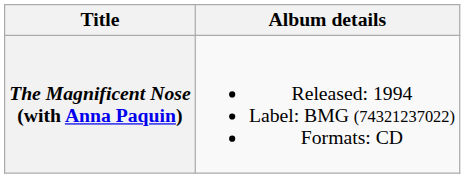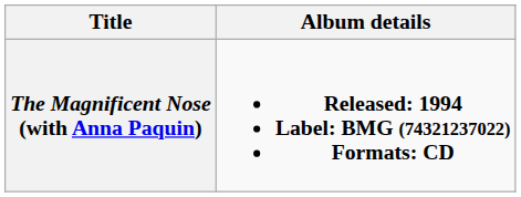 <table class="wikitable plainrowheaders" style="text-align:center;">
 <tr>
 <th scope="col">Title</th>
 <th scope="col">Album details</th>
 </tr>
 <tr>
 <th scope="row"><em>The Magnificent Nose</em> <br> (with <a href='#'>Anna Paquin</a>)</th>
-<td><br><ul><li>Released: 1994</li><li>Label: BMG <small>(74321237022)</small></li><li>Formats: CD</li></ul></td>
+<td><strong><br><ul><li>Released: 1994</li><li>Label: BMG <small>(74321237022)</small></li><li>Formats: CD</li></ul></strong></td>
 </tr>
 </table>
